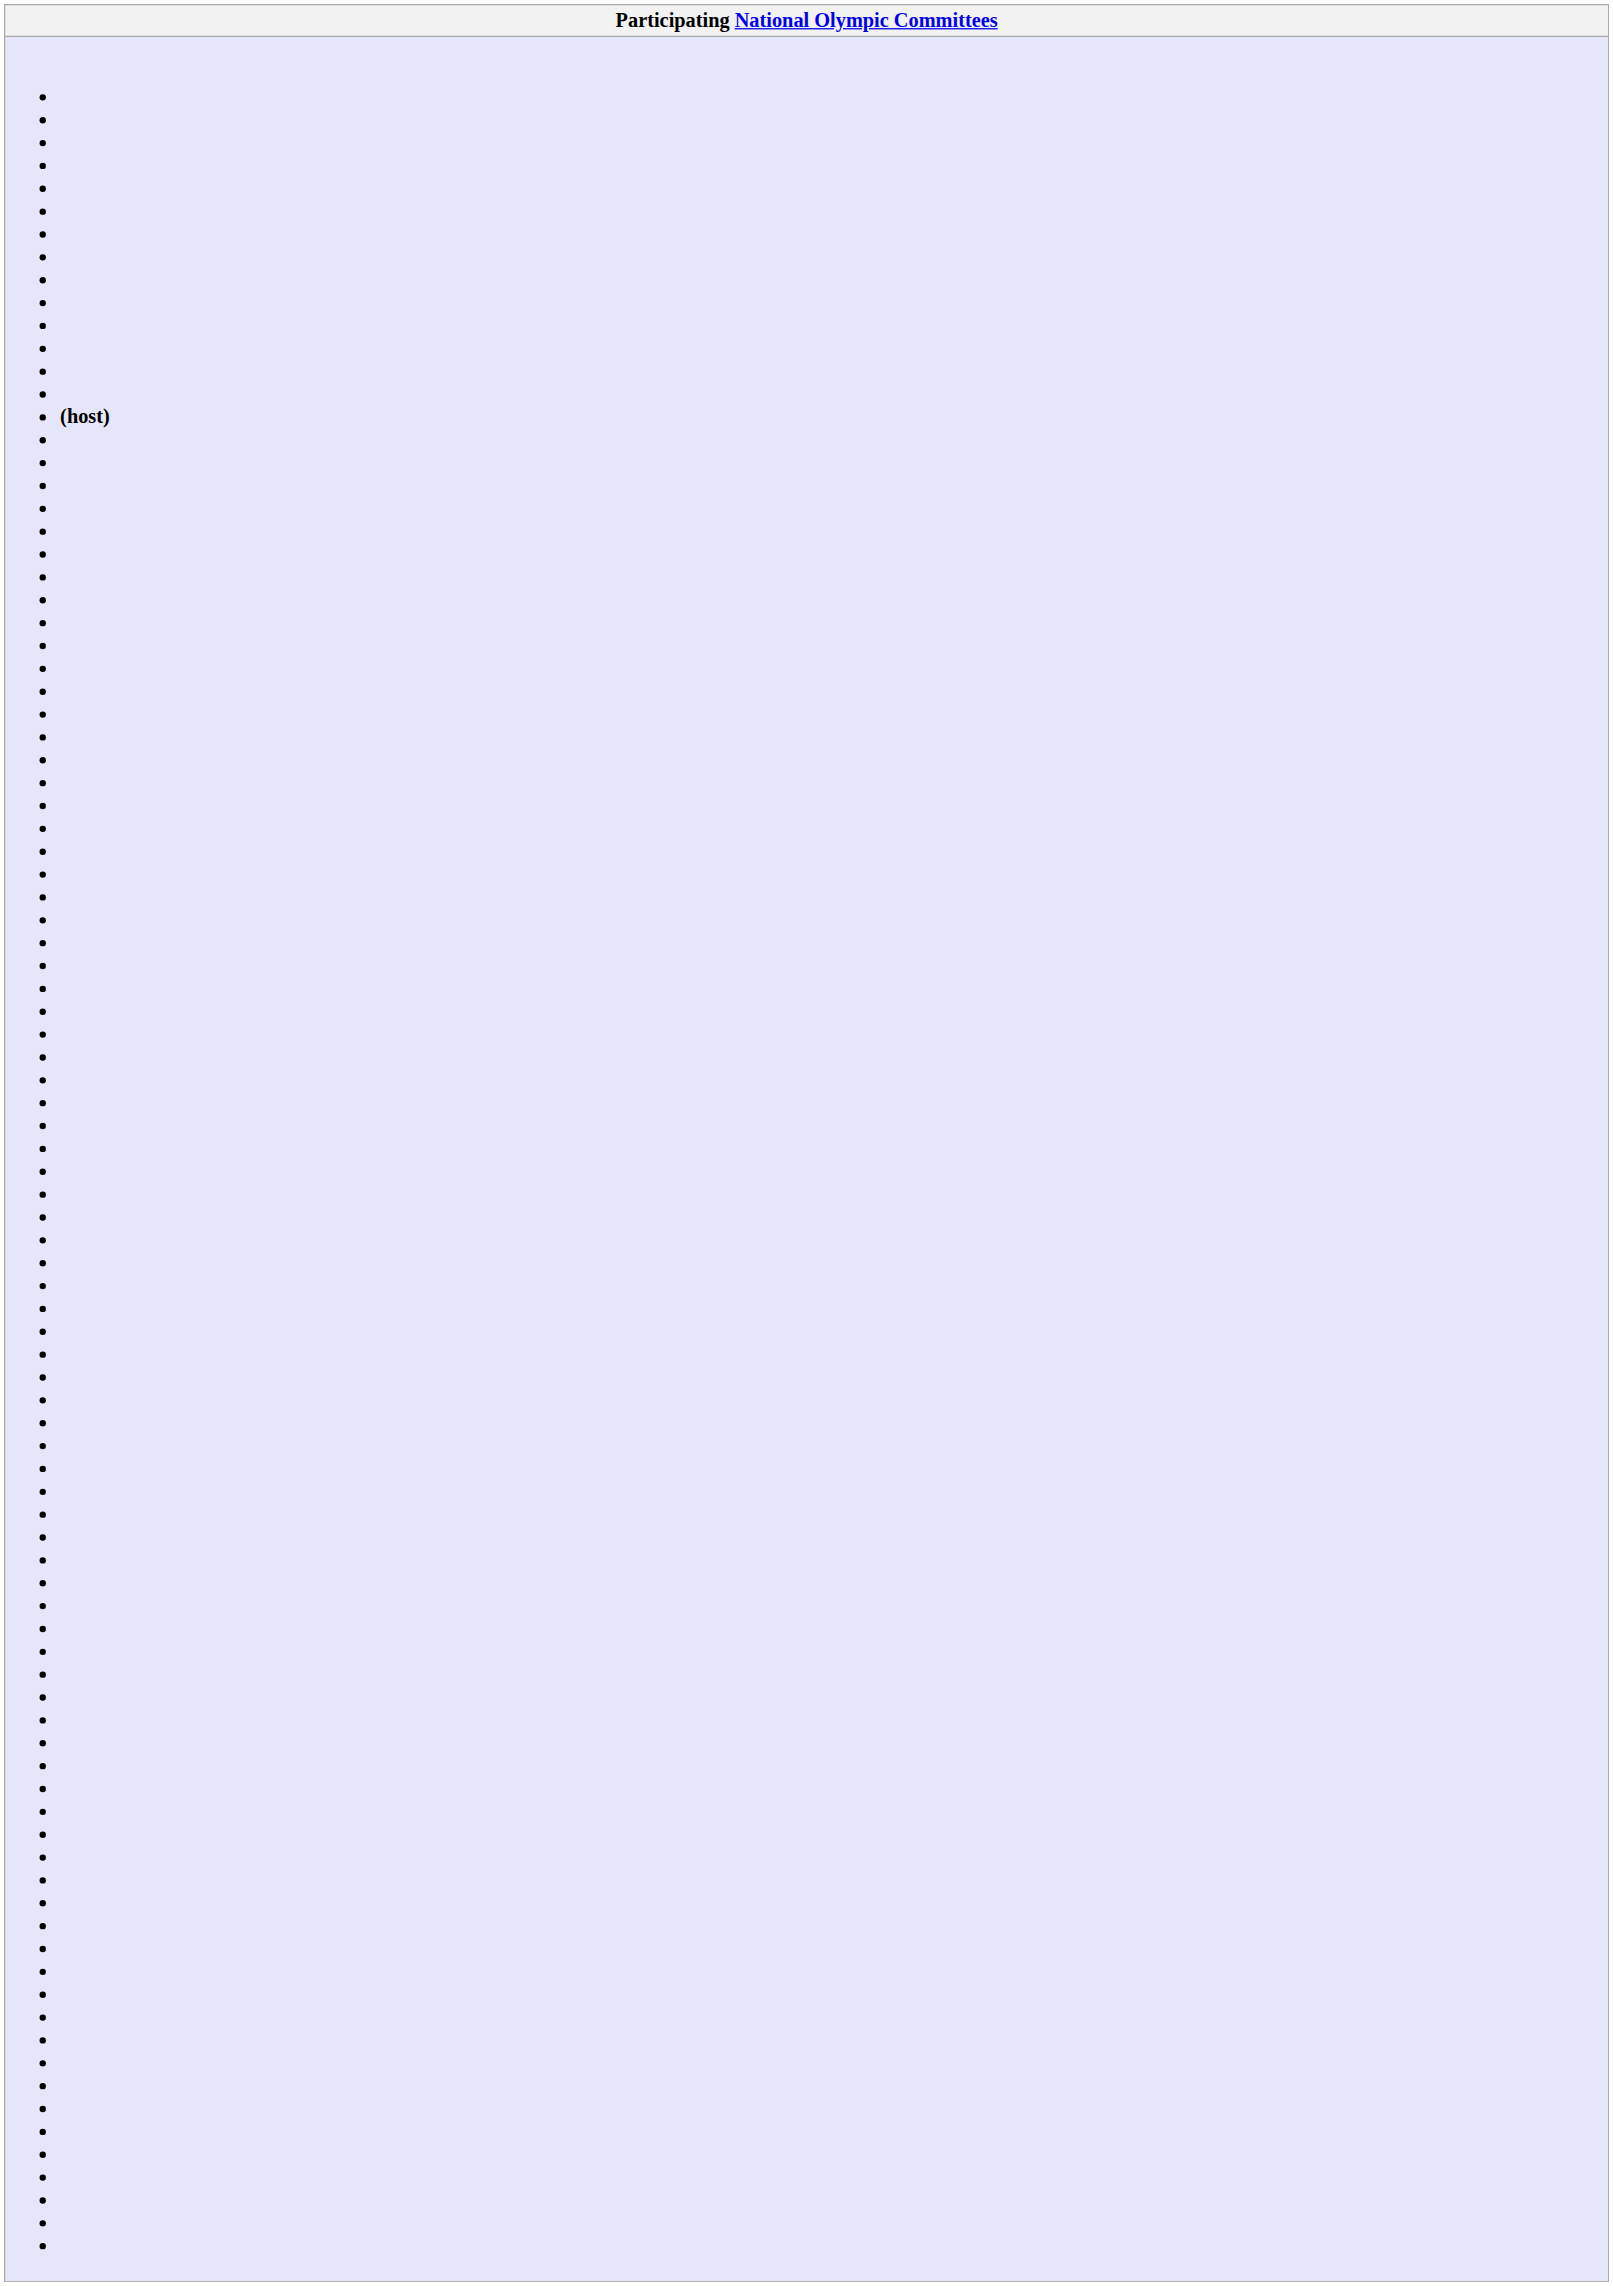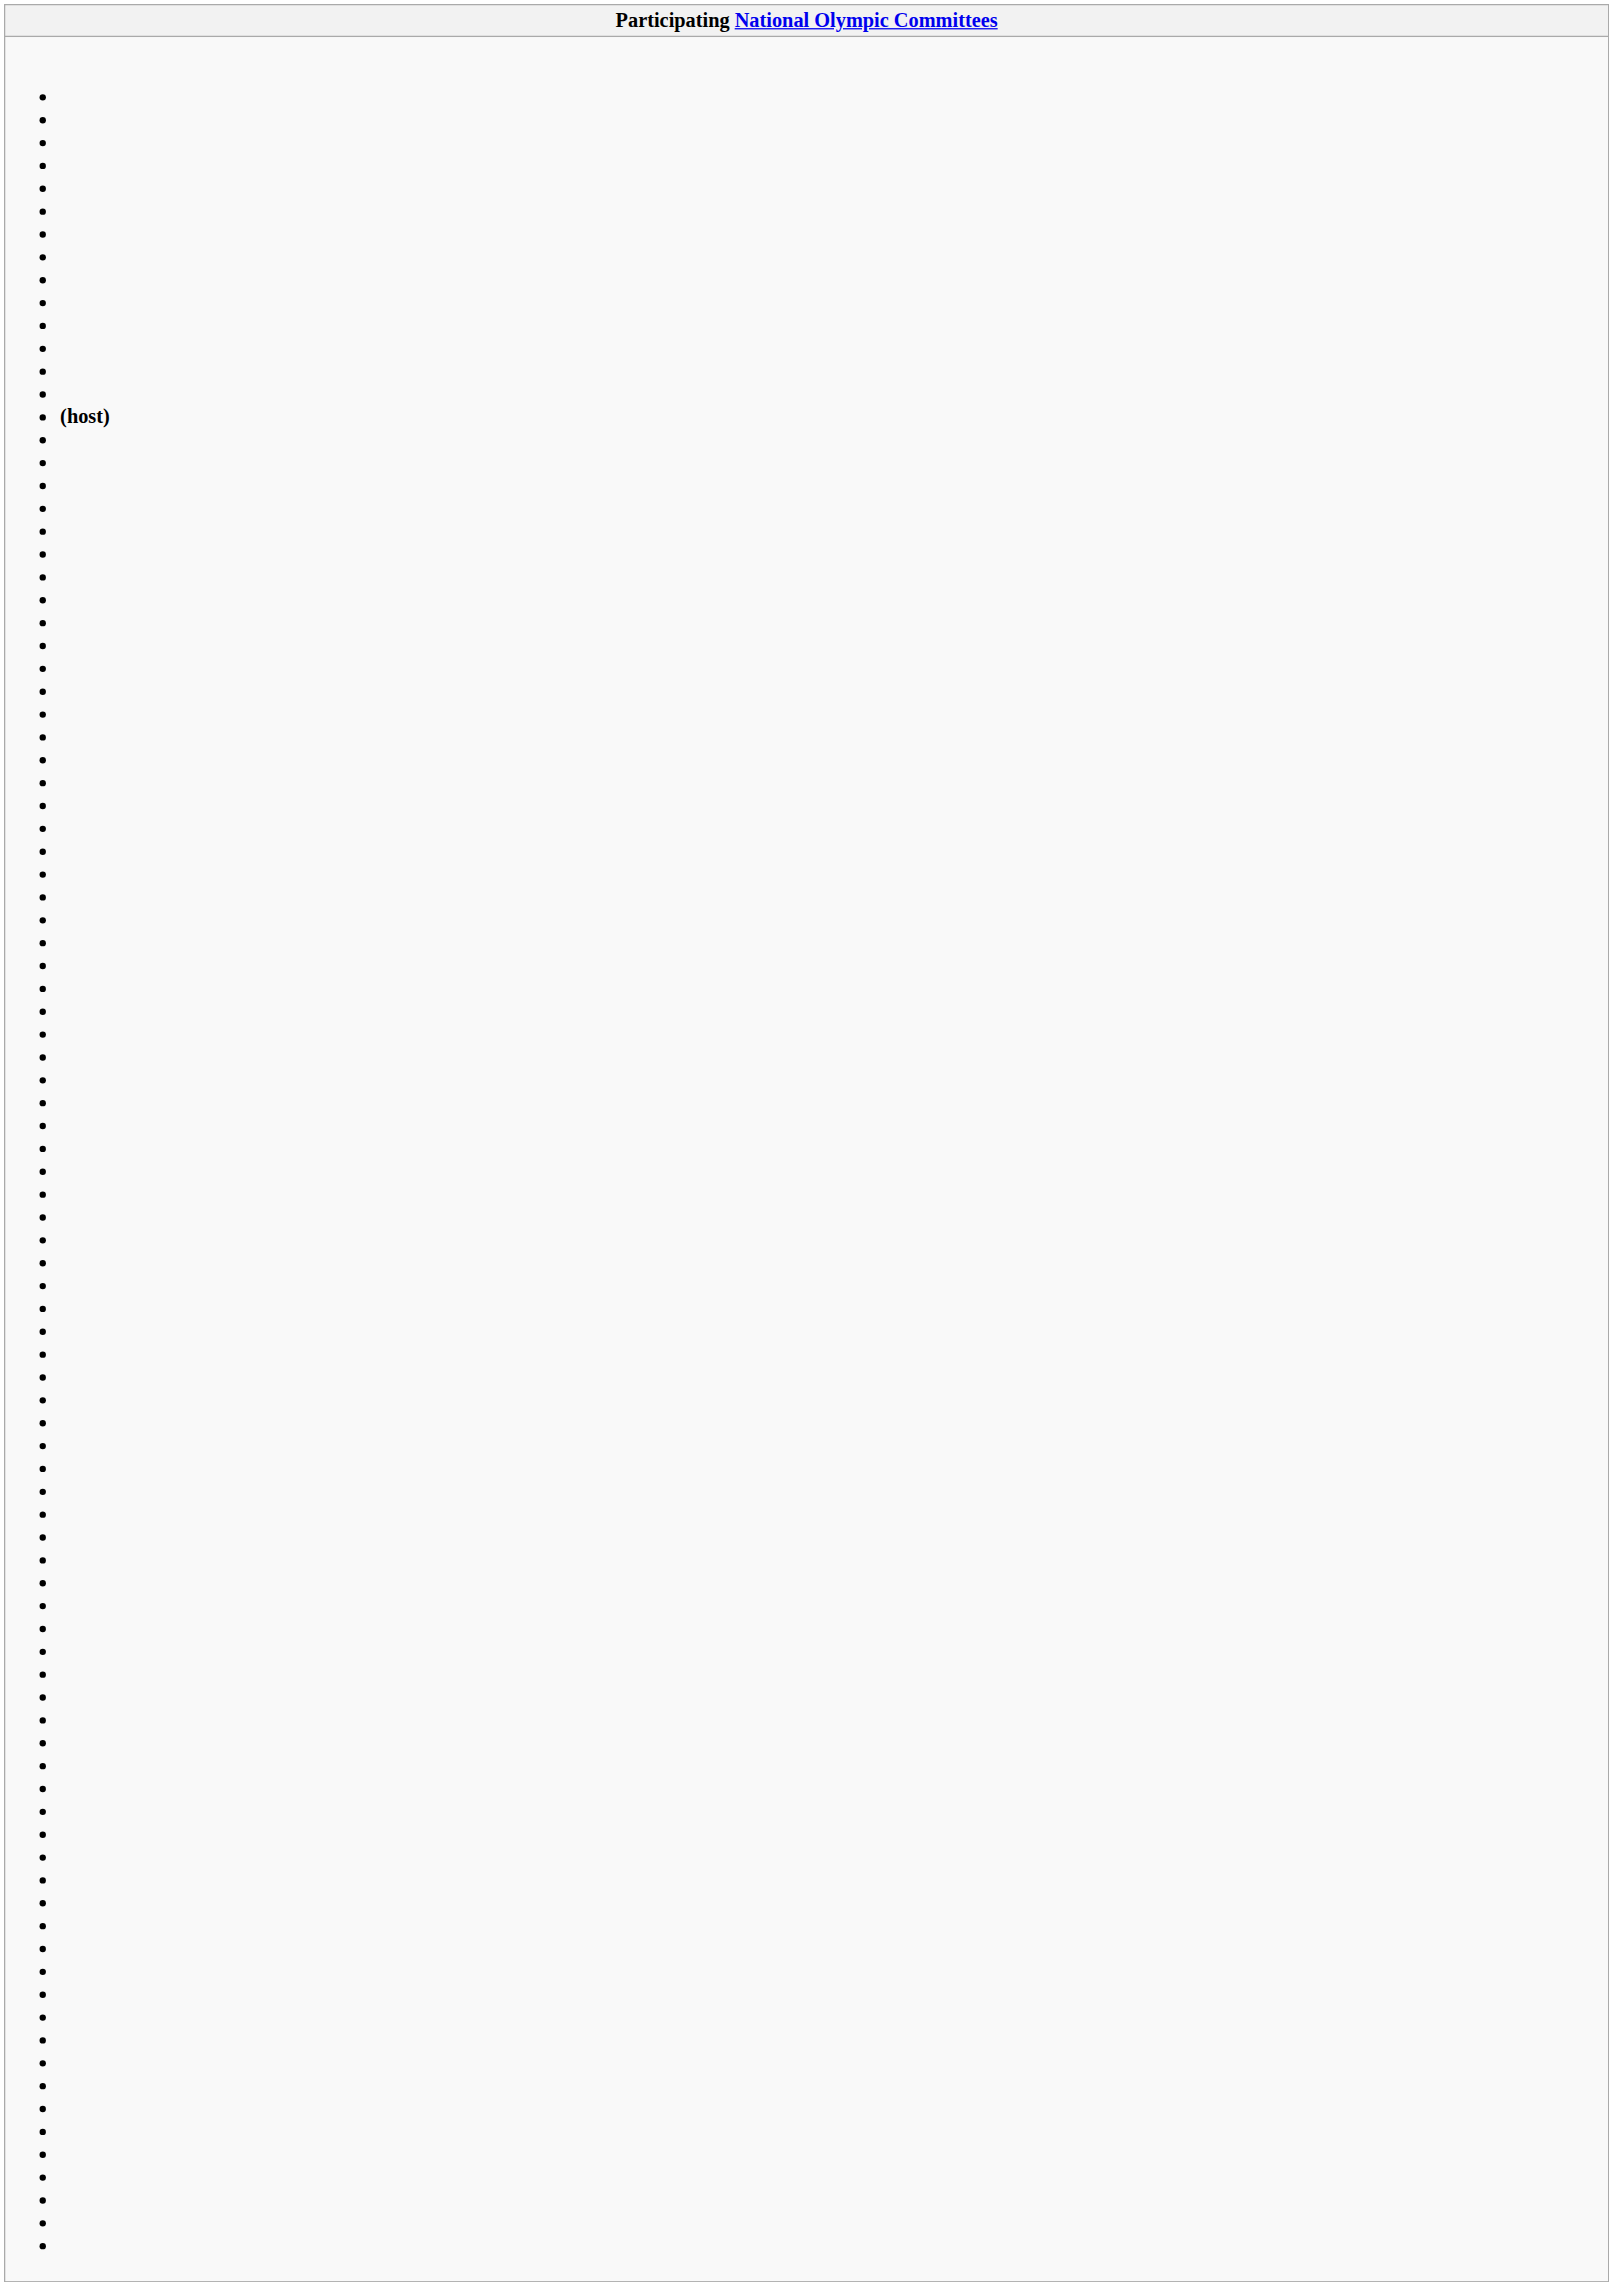 <table class="wikitable collapsible" style="width:100%;">
 <tr>
 <th>Participating <a href='#'>National Olympic Committees</a></th>
 </tr>
 <tr>
-<td style="background: lavender;"><br><ul><li></li><li></li><li></li><li></li><li></li><li></li><li></li><li></li><li></li><li></li><li></li><li></li><li></li><li></li><li> <strong>(host)</strong></li><li></li><li></li><li></li><li></li><li></li><li></li><li></li><li></li><li></li><li></li><li></li><li></li><li></li><li></li><li></li><li></li><li></li><li></li><li></li><li></li><li></li><li></li><li></li><li></li><li></li><li></li><li></li><li></li><li></li><li></li><li></li><li></li><li></li><li></li><li></li><li></li><li></li><li></li><li></li><li></li><li></li><li></li><li></li><li></li><li></li><li></li><li></li><li></li><li></li><li></li><li></li><li></li><li></li><li></li><li></li><li></li><li></li><li></li><li></li><li></li><li></li><li></li><li></li><li></li><li></li><li></li><li></li><li></li><li></li><li></li><li></li><li></li><li></li><li></li><li></li><li></li><li></li><li></li><li></li><li></li></ul> </td>
+<td><br><ul><li></li><li></li><li></li><li></li><li></li><li></li><li></li><li></li><li></li><li></li><li></li><li></li><li></li><li></li><li> <strong>(host)</strong></li><li></li><li></li><li></li><li></li><li></li><li></li><li></li><li></li><li></li><li></li><li></li><li></li><li></li><li></li><li></li><li></li><li></li><li></li><li></li><li></li><li></li><li></li><li></li><li></li><li></li><li></li><li></li><li></li><li></li><li></li><li></li><li></li><li></li><li></li><li></li><li></li><li></li><li></li><li></li><li></li><li></li><li></li><li></li><li></li><li></li><li></li><li></li><li></li><li></li><li></li><li></li><li></li><li></li><li></li><li></li><li></li><li></li><li></li><li></li><li></li><li></li><li></li><li></li><li></li><li></li><li></li><li></li><li></li><li></li><li></li><li></li><li></li><li></li><li></li><li></li><li></li><li></li><li></li><li></li><li></li></ul> </td>
 </tr>
 </table>
